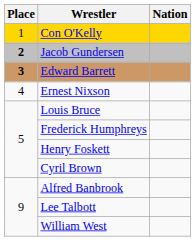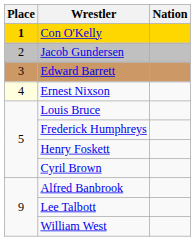 <table class=wikitable>
 <tr>
 <th>Place</th>
 <th>Wrestler</th>
 <th>Nation</th>
 </tr>
 <tr bgcolor=gold>
-<td align=center>1</td>
+<td align=center><strong>1</strong></td>
 <td><a href='#'>Con O'Kelly</a></td>
 <td></td>
 </tr>
 <tr bgcolor=silver>
-<td align=center><strong>2</strong></td>
+<td align=center>2</td>
 <td><a href='#'>Jacob Gundersen</a></td>
 <td></td>
 </tr>
 <tr bgcolor=cc9966>
-<td align=center><strong>3</strong></td>
+<td align=center>3</td>
 <td><a href='#'>Edward Barrett</a></td>
 <td></td>
 </tr>
 <tr>
-<td align=center>4</td>
+<td align=center style="background: lightyellow;">4</td>
 <td><a href='#'>Ernest Nixson</a></td>
 <td></td>
 </tr>
 <tr>
 <td align=center rowspan=4>5</td>
 <td><a href='#'>Louis Bruce</a></td>
 <td></td>
 </tr>
 <tr>
 <td><a href='#'>Frederick Humphreys</a></td>
 <td></td>
 </tr>
 <tr>
 <td><a href='#'>Henry Foskett</a></td>
 <td></td>
 </tr>
 <tr>
 <td><a href='#'>Cyril Brown</a></td>
 <td></td>
 </tr>
 <tr>
 <td align=center rowspan=3>9</td>
 <td><a href='#'>Alfred Banbrook</a></td>
 <td></td>
 </tr>
 <tr>
 <td><a href='#'>Lee Talbott</a></td>
 <td></td>
 </tr>
 <tr>
 <td><a href='#'>William West</a></td>
 <td></td>
 </tr>
 </table>
